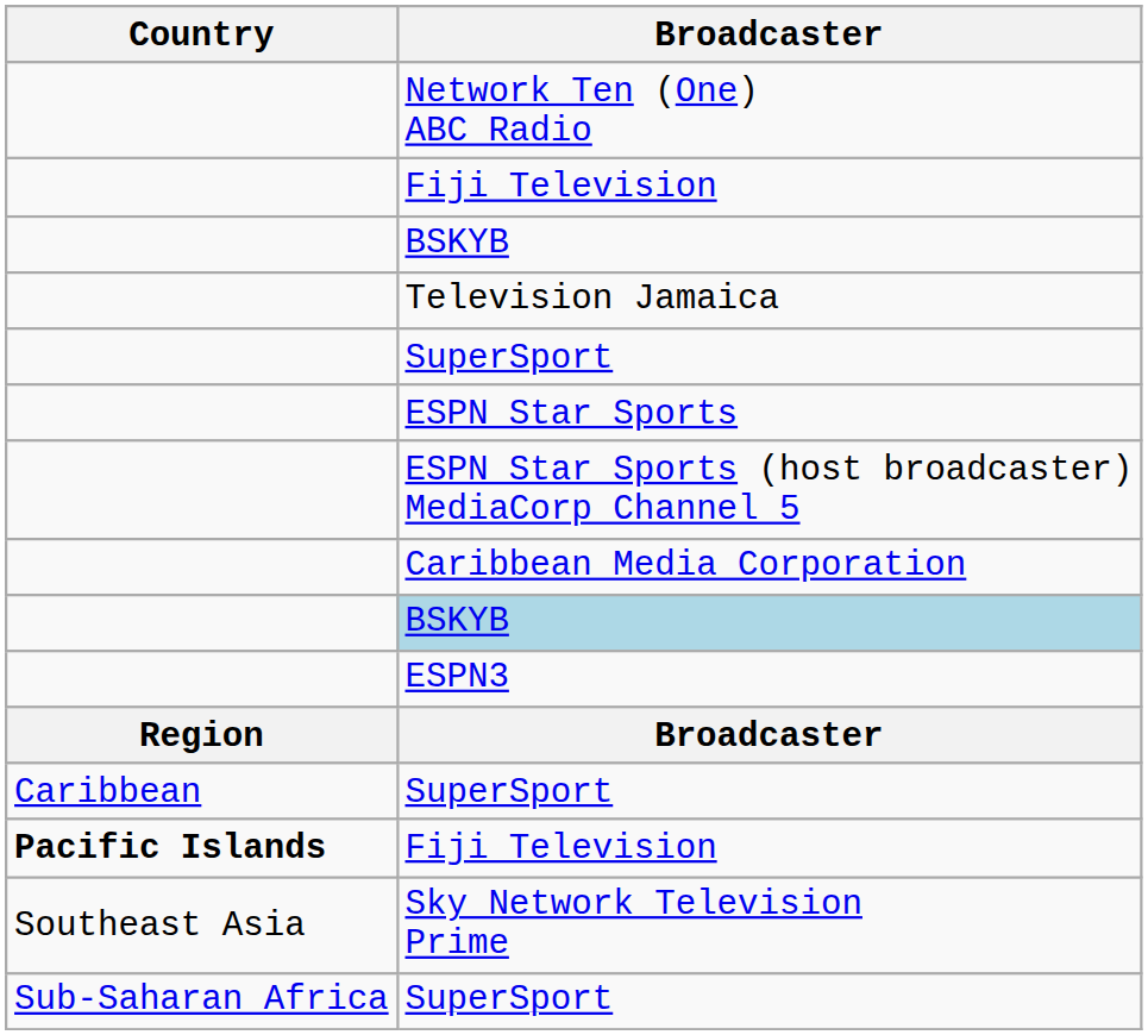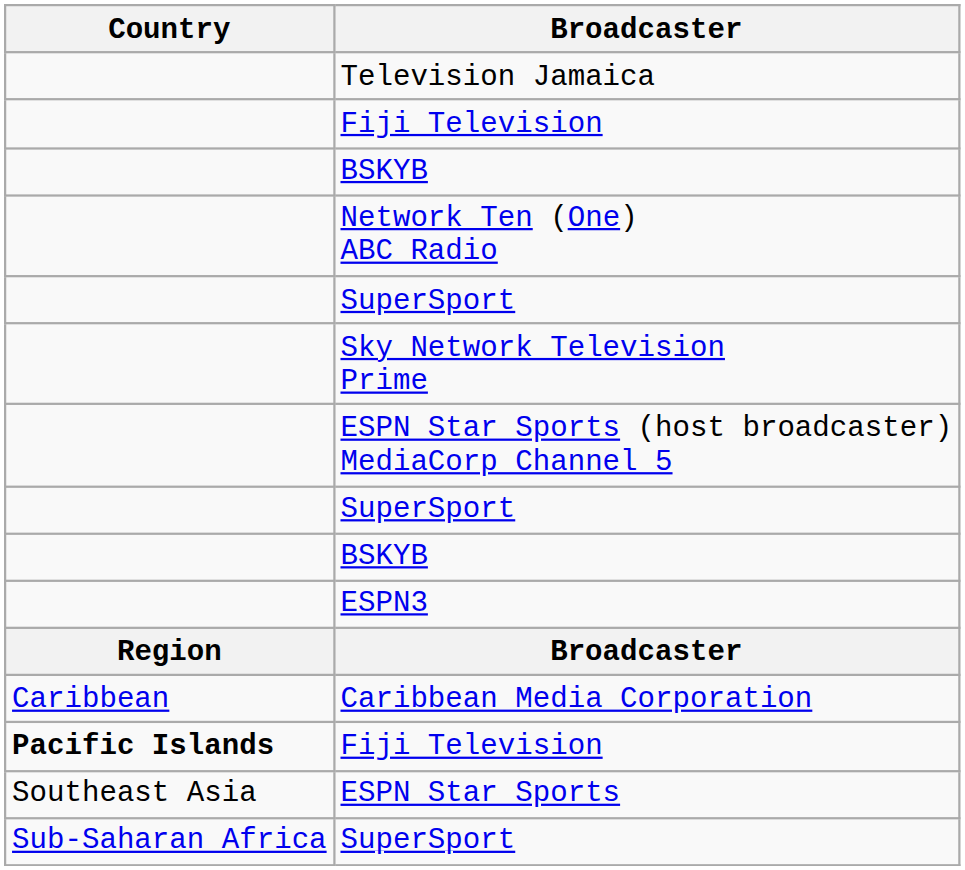 <table class=wikitable>
 <tr>
 <th>Country</th>
 <th>Broadcaster</th>
 </tr>
 <tr>
 <td></td>
-<td><a href='#'>Network Ten</a> (<a href='#'>One</a>)<br><a href='#'>ABC Radio</a></td>
+<td>Television Jamaica</td>
 </tr>
 <tr>
 <td></td>
 <td><a href='#'>Fiji Television</a></td>
 </tr>
 <tr>
 <td></td>
 <td><a href='#'>BSKYB</a></td>
 </tr>
 <tr>
 <td></td>
-<td>Television Jamaica</td>
+<td><a href='#'>Network Ten</a> (<a href='#'>One</a>)<br><a href='#'>ABC Radio</a></td>
 </tr>
 <tr>
 <td></td>
 <td><a href='#'>SuperSport</a></td>
 </tr>
 <tr>
 <td></td>
-<td><a href='#'>ESPN Star Sports</a></td>
+<td><a href='#'>Sky Network Television</a><br><a href='#'>Prime</a></td>
 </tr>
 <tr>
 <td></td>
 <td><a href='#'>ESPN Star Sports</a> (host broadcaster)<br><a href='#'>MediaCorp Channel 5</a></td>
 </tr>
 <tr>
 <td></td>
-<td><a href='#'>Caribbean Media Corporation</a></td>
+<td><a href='#'>SuperSport</a></td>
 </tr>
 <tr>
 <td></td>
-<td style="background: lightblue;"><a href='#'>BSKYB</a></td>
+<td><a href='#'>BSKYB</a></td>
 </tr>
 <tr>
 <td></td>
 <td><a href='#'>ESPN3</a></td>
 </tr>
 <tr>
 <th>Region</th>
 <th>Broadcaster</th>
 </tr>
 <tr>
 <td><a href='#'>Caribbean</a></td>
-<td><a href='#'>SuperSport</a></td>
+<td><a href='#'>Caribbean Media Corporation</a></td>
 </tr>
 <tr>
 <td><strong>Pacific Islands</strong></td>
 <td><a href='#'>Fiji Television</a></td>
 </tr>
 <tr>
 <td>Southeast Asia</td>
-<td><a href='#'>Sky Network Television</a><br><a href='#'>Prime</a></td>
+<td><a href='#'>ESPN Star Sports</a></td>
 </tr>
 <tr>
 <td><a href='#'>Sub-Saharan Africa</a></td>
 <td><a href='#'>SuperSport</a></td>
 </tr>
 </table>
